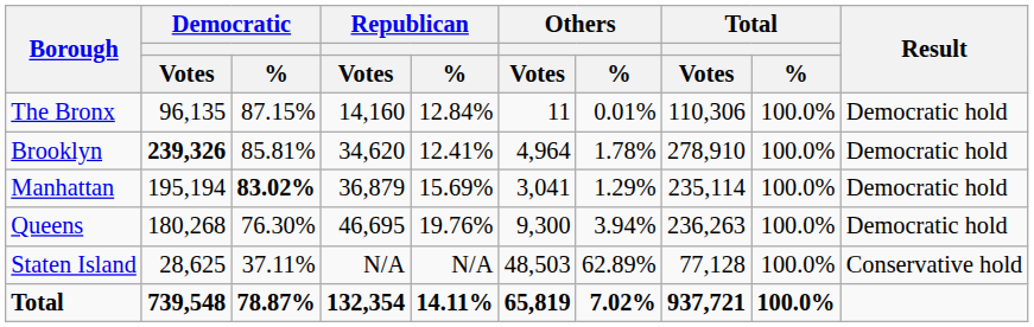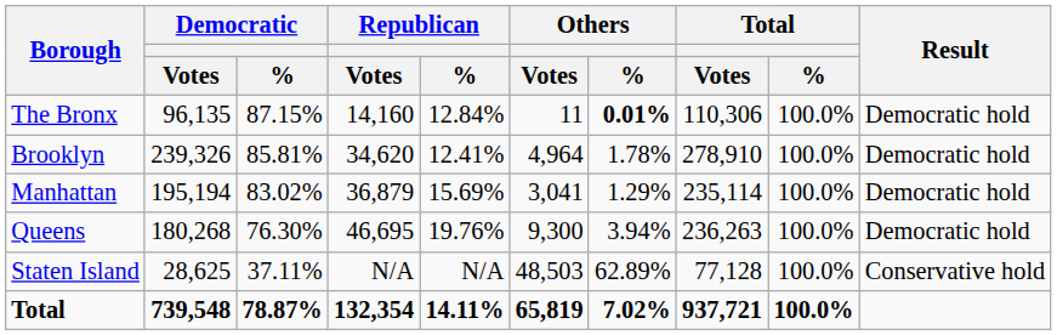 <table class="wikitable plainrowheaders sortable" style="font-size:100%; text-align:right;">
 <tr>
 <th scope=col rowspan=3><a href='#'>Borough</a></th>
 <th scope=col colspan=2><a href='#'>Democratic</a></th>
 <th scope=col colspan=2><a href='#'>Republican</a></th>
 <th scope=col colspan=2>Others</th>
 <th scope=col colspan=2>Total</th>
 <th scope=col rowspan=3>Result</th>
 </tr>
 <tr>
 <th scope=col colspan=2 style="background:"></th>
 <th scope=col colspan=2 style="background:"></th>
 <th scope=col colspan=2></th>
 <th scope=col colspan=2></th>
 </tr>
 <tr>
 <th scope=col data-sort-type="number">Votes</th>
 <th scope=col data-sort-type="number">%</th>
 <th scope=col data-sort-type="number">Votes</th>
 <th scope=col data-sort-type="number">%</th>
 <th scope=col data-sort-type="number">Votes</th>
 <th scope=col data-sort-type="number">%</th>
 <th scope=col data-sort-type="number">Votes</th>
 <th scope=col data-sort-type="number">%</th>
 </tr>
 <tr>
 <td align=left data-sort-value=Bronx><a href='#'>The Bronx</a></td>
 <td>96,135</td>
 <td>87.15%</td>
 <td>14,160</td>
 <td>12.84%</td>
 <td>11</td>
-<td>0.01%</td>
+<td><strong>0.01%</strong></td>
 <td>110,306</td>
 <td>100.0%</td>
 <td align=left>Democratic hold</td>
 </tr>
 <tr>
 <td align=left><a href='#'>Brooklyn</a></td>
-<td><strong>239,326</strong></td>
+<td>239,326</td>
 <td>85.81%</td>
 <td>34,620</td>
 <td>12.41%</td>
 <td>4,964</td>
 <td>1.78%</td>
 <td>278,910</td>
 <td>100.0%</td>
 <td align=left>Democratic hold</td>
 </tr>
 <tr>
 <td align=left><a href='#'>Manhattan</a></td>
 <td>195,194</td>
-<td><strong>83.02%</strong></td>
+<td>83.02%</td>
 <td>36,879</td>
 <td>15.69%</td>
 <td>3,041</td>
 <td>1.29%</td>
 <td>235,114</td>
 <td>100.0%</td>
 <td align=left>Democratic hold</td>
 </tr>
 <tr>
 <td align=left><a href='#'>Queens</a></td>
 <td>180,268</td>
 <td>76.30%</td>
 <td>46,695</td>
 <td>19.76%</td>
 <td>9,300</td>
 <td>3.94%</td>
 <td>236,263</td>
 <td>100.0%</td>
 <td align=left>Democratic hold</td>
 </tr>
 <tr>
 <td align=left><a href='#'>Staten Island</a></td>
 <td>28,625</td>
 <td>37.11%</td>
 <td>N/A</td>
 <td>N/A</td>
 <td>48,503</td>
 <td>62.89%</td>
 <td>77,128</td>
 <td>100.0%</td>
 <td align=left>Conservative hold</td>
 </tr>
 <tr class="sortbottom" style="font-weight:bold">
 <td align=left>Total</td>
 <td>739,548</td>
 <td>78.87%</td>
 <td>132,354</td>
 <td>14.11%</td>
 <td>65,819</td>
 <td>7.02%</td>
 <td>937,721</td>
 <td>100.0%</td>
 </tr>
 </table>
